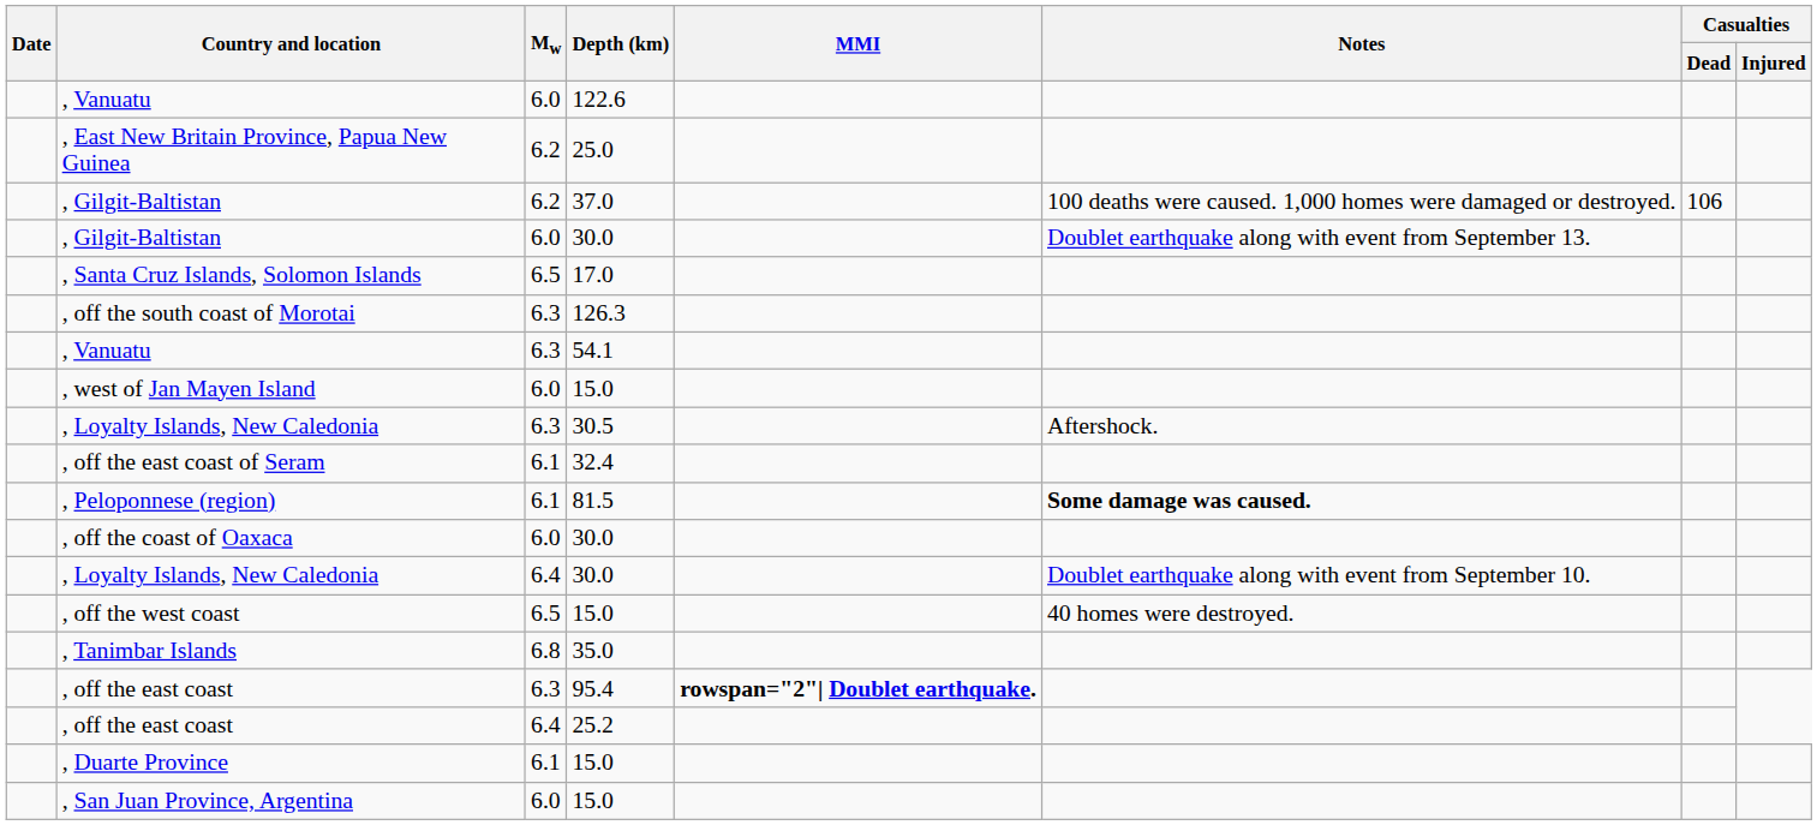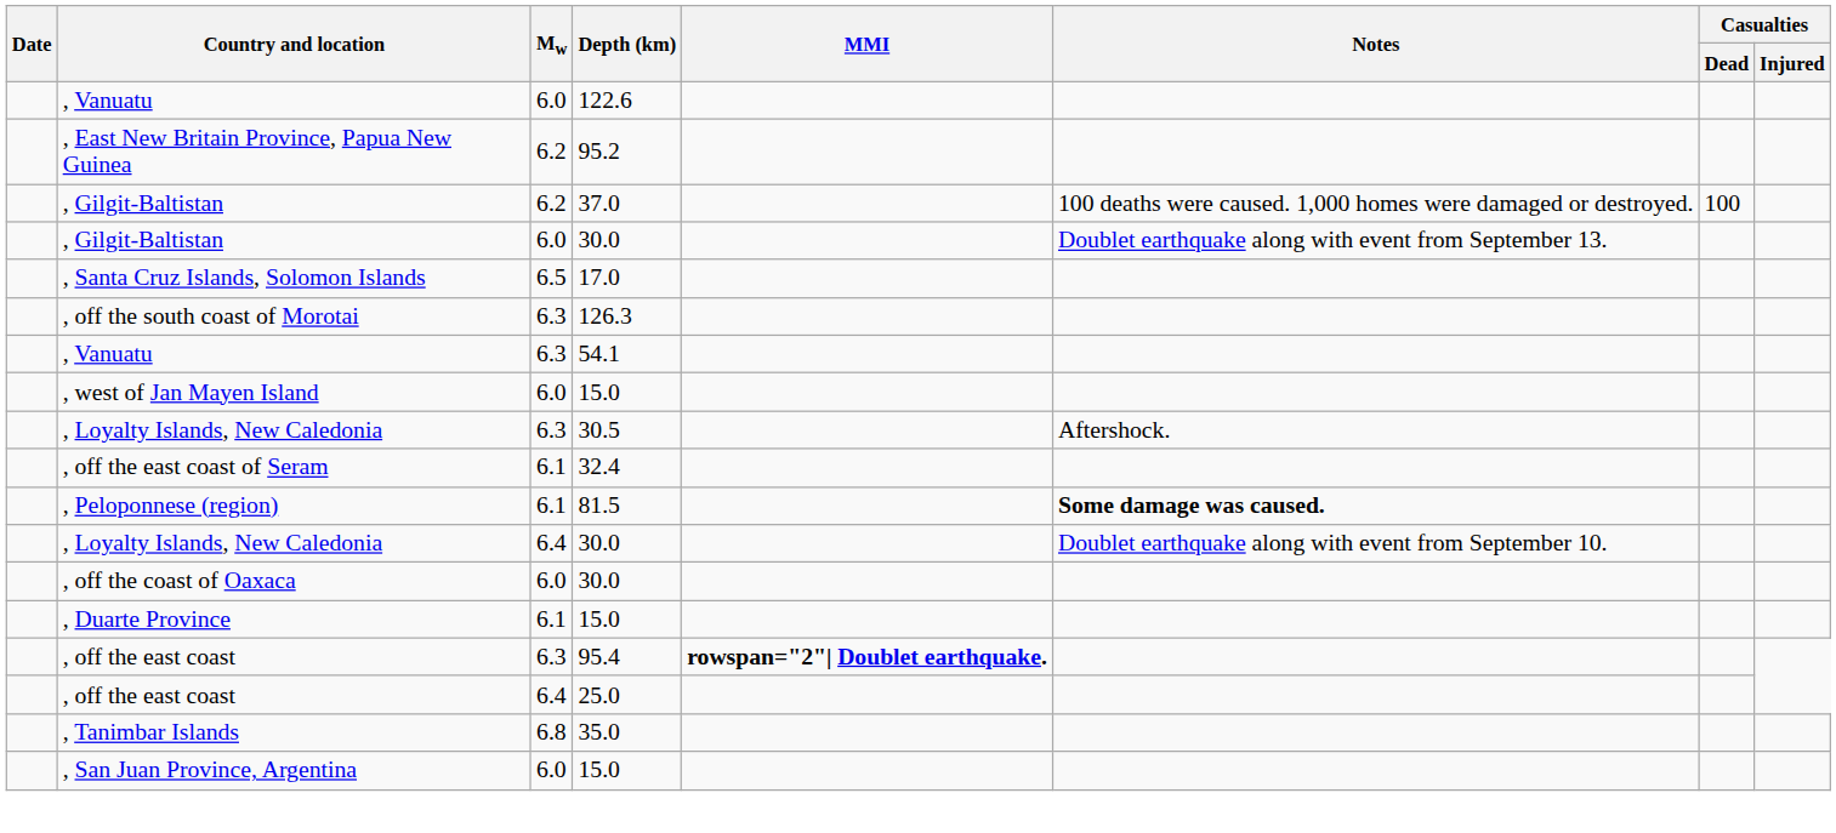 <table class="wikitable sortable sort-under" style="border:1px black; margin-left:1em;">
 <tr>
 <th rowspan="2"><small>Date</small></th>
 <th rowspan="2" style="width: 310px"><small>Country and location</small></th>
 <th rowspan="2"><small>M<sub>w</sub></small></th>
 <th rowspan="2"><small>Depth (km)</small></th>
 <th rowspan="2"><small><a href='#'>MMI</a></small></th>
 <th rowspan="2" class="unsortable"><small>Notes</small></th>
 <th colspan="2"><small>Casualties</small></th>
 </tr>
 <tr>
 <th><small>Dead</small></th>
 <th><small>Injured</small></th>
 </tr>
 <tr>
 <td></td>
 <td>, <a href='#'>Vanuatu</a></td>
 <td>6.0</td>
 <td>122.6</td>
 <td></td>
 <td></td>
 <td></td>
 <td></td>
 </tr>
 <tr>
 <td></td>
 <td>, <a href='#'>East New Britain Province</a>, <a href='#'>Papua New Guinea</a></td>
 <td>6.2</td>
-<td>25.0</td>
+<td>95.2</td>
 <td></td>
 <td></td>
 <td></td>
 <td></td>
 </tr>
 <tr>
 <td></td>
 <td>, <a href='#'>Gilgit-Baltistan</a></td>
 <td>6.2</td>
 <td>37.0</td>
 <td></td>
 <td>100 deaths were caused. 1,000 homes were damaged or destroyed.</td>
-<td>106</td>
+<td>100</td>
 <td></td>
 </tr>
 <tr>
 <td></td>
 <td>, <a href='#'>Gilgit-Baltistan</a></td>
 <td>6.0</td>
 <td>30.0</td>
 <td></td>
 <td><a href='#'>Doublet earthquake</a> along with event from September 13.</td>
 <td></td>
 <td></td>
 </tr>
 <tr>
 <td></td>
 <td>, <a href='#'>Santa Cruz Islands</a>, <a href='#'>Solomon Islands</a></td>
 <td>6.5</td>
 <td>17.0</td>
 <td></td>
 <td></td>
 <td></td>
 <td></td>
 </tr>
 <tr>
 <td></td>
 <td>, off the south coast of <a href='#'>Morotai</a></td>
 <td>6.3</td>
 <td>126.3</td>
 <td></td>
 <td></td>
 <td></td>
 <td></td>
 </tr>
 <tr>
 <td></td>
 <td>, <a href='#'>Vanuatu</a></td>
 <td>6.3</td>
 <td>54.1</td>
 <td></td>
 <td></td>
 <td></td>
 <td></td>
 </tr>
 <tr>
 <td></td>
 <td>, west of <a href='#'>Jan Mayen Island</a></td>
 <td>6.0</td>
 <td>15.0</td>
 <td></td>
 <td></td>
 <td></td>
 <td></td>
 </tr>
 <tr>
 <td></td>
 <td>, <a href='#'>Loyalty Islands</a>, <a href='#'>New Caledonia</a></td>
 <td>6.3</td>
 <td>30.5</td>
 <td></td>
 <td>Aftershock.</td>
 <td></td>
 <td></td>
 </tr>
 <tr>
 <td></td>
 <td>, off the east coast of <a href='#'>Seram</a></td>
 <td>6.1</td>
 <td>32.4</td>
 <td></td>
 <td></td>
 <td></td>
 <td></td>
 </tr>
 <tr>
 <td></td>
 <td>, <a href='#'>Peloponnese (region)</a></td>
 <td>6.1</td>
 <td>81.5</td>
 <td></td>
 <td><strong>Some damage was caused.</strong></td>
 <td></td>
 <td></td>
 </tr>
 <tr>
 <td></td>
+<td>, <a href='#'>Loyalty Islands</a>, <a href='#'>New Caledonia</a></td>
+<td>6.4</td>
+<td>30.0</td>
+<td></td>
+<td><a href='#'>Doublet earthquake</a> along with event from September 10.</td>
+<td></td>
+<td></td>
+</tr>
+<tr>
+<td></td>
 <td>, off the coast of <a href='#'>Oaxaca</a></td>
 <td>6.0</td>
 <td>30.0</td>
 <td></td>
 <td></td>
 <td></td>
 <td></td>
 </tr>
 <tr>
 <td></td>
-<td>, <a href='#'>Loyalty Islands</a>, <a href='#'>New Caledonia</a></td>
-<td>6.4</td>
-<td>30.0</td>
-<td></td>
-<td><a href='#'>Doublet earthquake</a> along with event from September 10.</td>
-<td></td>
-<td></td>
-</tr>
-<tr>
-<td></td>
-<td>, off the west coast</td>
-<td>6.5</td>
+<td>, <a href='#'>Duarte Province</a></td>
+<td>6.1</td>
 <td>15.0</td>
-<td></td>
-<td>40 homes were destroyed.</td>
-<td></td>
-<td></td>
-</tr>
-<tr>
-<td></td>
-<td>, <a href='#'>Tanimbar Islands</a></td>
-<td>6.8</td>
-<td>35.0</td>
 <td></td>
 <td></td>
 <td></td>
 <td></td>
 </tr>
 <tr>
 <td></td>
 <td>, off the east coast</td>
 <td>6.3</td>
 <td>95.4</td>
 <td><strong>rowspan="2"| <a href='#'>Doublet earthquake</a>.</strong></td>
 <td></td>
 <td></td>
 </tr>
 <tr>
 <td></td>
 <td>, off the east coast</td>
 <td>6.4</td>
-<td>25.2</td>
+<td>25.0</td>
 <td></td>
 <td></td>
 <td></td>
 </tr>
 <tr>
 <td></td>
-<td>, <a href='#'>Duarte Province</a></td>
-<td>6.1</td>
-<td>15.0</td>
+<td>, <a href='#'>Tanimbar Islands</a></td>
+<td>6.8</td>
+<td>35.0</td>
 <td></td>
 <td></td>
 <td></td>
 <td></td>
 </tr>
 <tr>
 <td></td>
 <td>, <a href='#'>San Juan Province, Argentina</a></td>
 <td>6.0</td>
 <td>15.0</td>
 <td></td>
 <td></td>
 <td></td>
 <td></td>
 </tr>
 </table>
